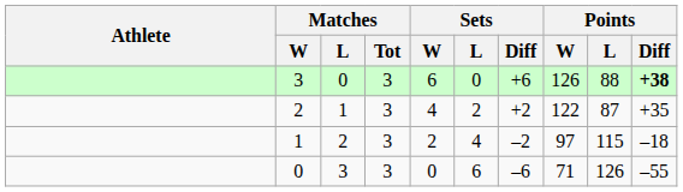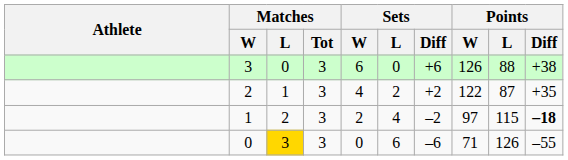 <table class=wikitable style="text-align:center">
 <tr>
 <th rowspan=2 width=220>Athlete</th>
 <th colspan=3 width=90>Matches</th>
 <th colspan=3 width=90>Sets</th>
 <th colspan=3 width=90>Points</th>
 </tr>
 <tr>
 <th width=30>W</th>
 <th width=30>L</th>
 <th width=30>Tot</th>
 <th width=30>W</th>
 <th width=30>L</th>
 <th width=30>Diff</th>
 <th width=30>W</th>
 <th width=30>L</th>
 <th width=30>Diff</th>
 </tr>
 <tr bgcolor=ccffcc>
 <td style="text-align:left"></td>
 <td>3</td>
 <td>0</td>
 <td>3</td>
 <td>6</td>
 <td>0</td>
 <td>+6</td>
 <td>126</td>
 <td>88</td>
-<td><strong>+38</strong></td>
+<td>+38</td>
 </tr>
 <tr>
 <td style="text-align:left"></td>
 <td>2</td>
 <td>1</td>
 <td>3</td>
 <td>4</td>
 <td>2</td>
 <td>+2</td>
 <td>122</td>
 <td>87</td>
 <td>+35</td>
 </tr>
 <tr>
 <td style="text-align:left"></td>
 <td>1</td>
 <td>2</td>
 <td>3</td>
 <td>2</td>
 <td>4</td>
 <td>–2</td>
 <td>97</td>
 <td>115</td>
-<td>–18</td>
+<td><strong>–18</strong></td>
 </tr>
 <tr>
 <td style="text-align:left"></td>
 <td>0</td>
-<td>3</td>
+<td style="background: gold;">3</td>
 <td>3</td>
 <td>0</td>
 <td>6</td>
 <td>–6</td>
 <td>71</td>
 <td>126</td>
 <td>–55</td>
 </tr>
 </table>
